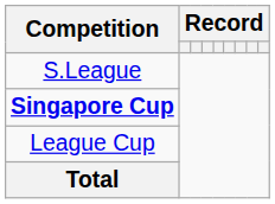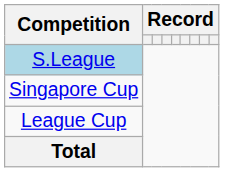 <table class="wikitable" style="text-align: center">
 <tr>
 <th rowspan=2>Competition</th>
 <th colspan=8>Record</th>
 </tr>
 <tr>
 <th></th>
 <th></th>
 <th></th>
 <th></th>
 <th></th>
 <th></th>
 <th></th>
 <th></th>
 </tr>
 <tr>
-<td><a href='#'>S.League</a><br></td>
+<td style="background: lightblue;"><a href='#'>S.League</a><br></td>
 </tr>
 <tr>
-<td><strong><a href='#'>Singapore Cup</a><br></strong></td>
+<td><a href='#'>Singapore Cup</a><br></td>
 </tr>
 <tr>
 <td><a href='#'>League Cup</a><br></td>
 </tr>
 <tr>
 <th>Total<br></th>
 </tr>
 </table>
